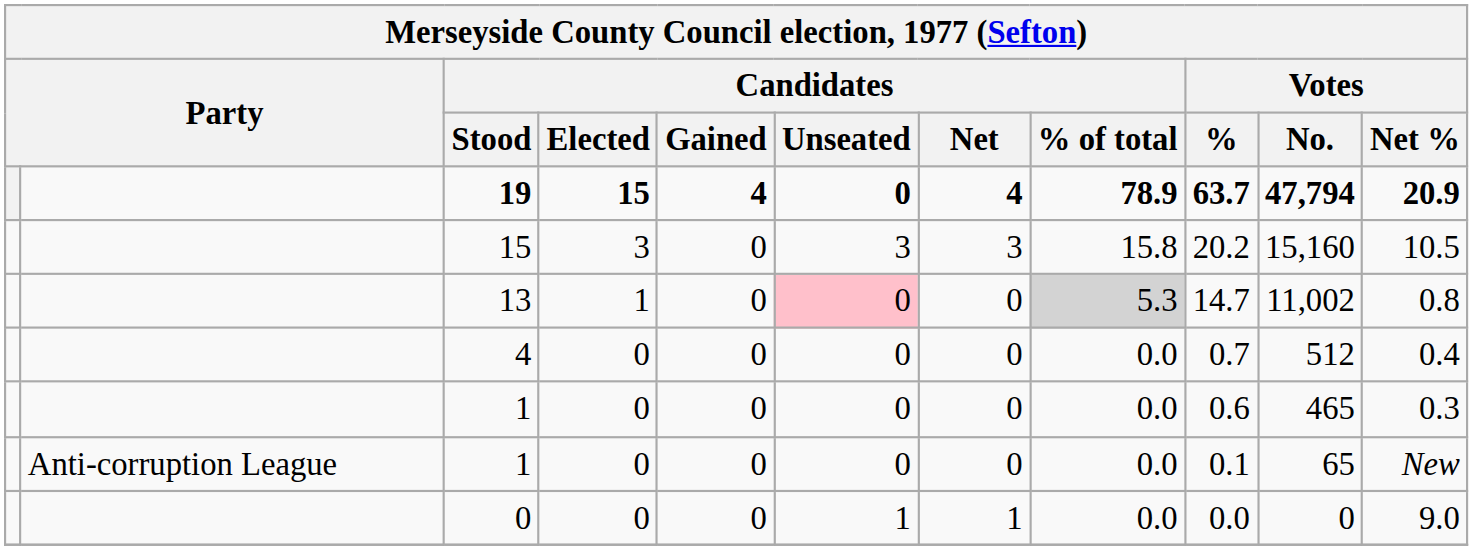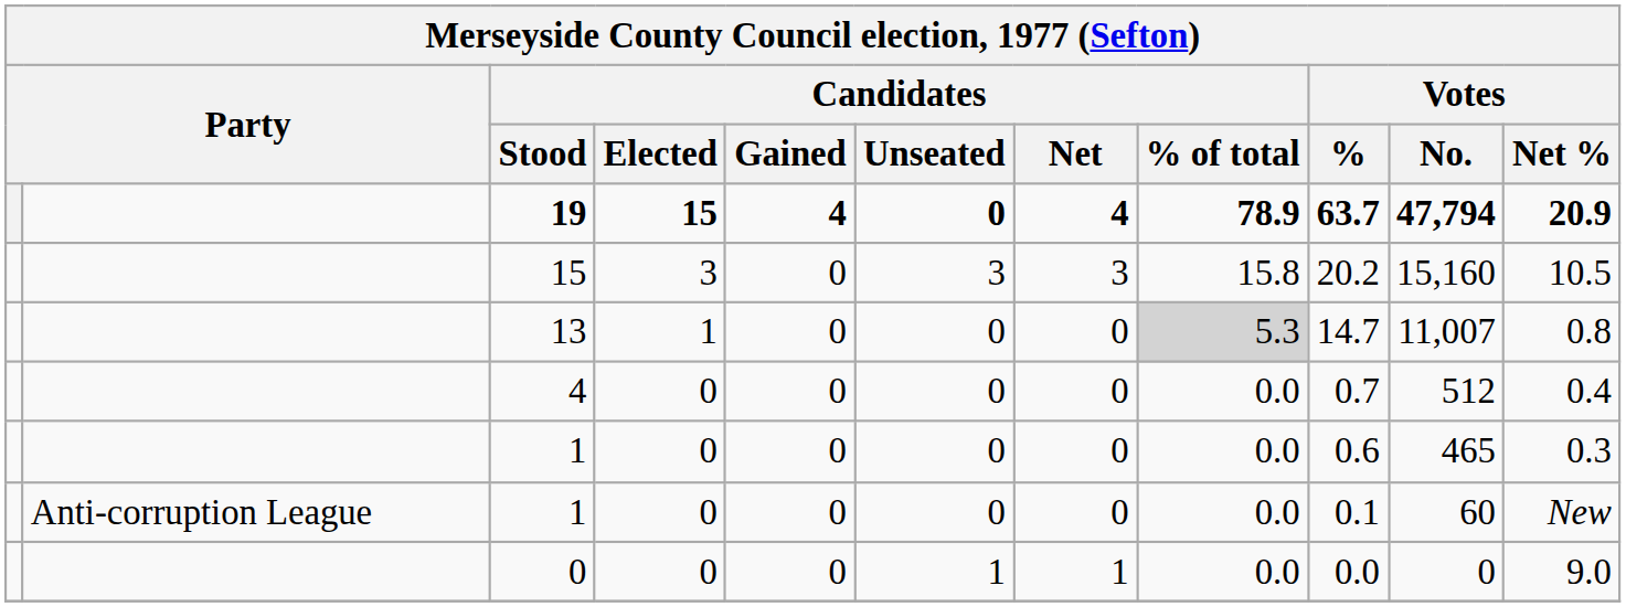 <table class="wikitable" style="font-size:95%">
 <tr>
 <th colspan="16" style="background-color:#f2f2f2">Merseyside County Council election, 1977 (<a href='#'>Sefton</a>)</th>
 </tr>
 <tr style="vertical-align:center;">
 <th colspan="2" rowspan="2">Party</th>
 <th colspan="6" style="width: 30px">Candidates</th>
 <th colspan="5" style="width: 30px">Votes</th>
 </tr>
 <tr>
 <th>Stood</th>
 <th>Elected</th>
 <th>Gained</th>
 <th>Unseated</th>
 <th style="width: 45px">Net</th>
 <th>% of total</th>
 <th>%</th>
 <th>No.</th>
 <th>Net %</th>
 </tr>
 <tr>
 <th style="background-color: "></th>
 <td style="width: 190px"><a href='#'></a></td>
 <td style="text-align:right; "><strong>19</strong></td>
 <td style="text-align:right; "><strong>15</strong></td>
 <td style="text-align:right; "><strong>4</strong></td>
 <td style="text-align:right; "><strong>0</strong></td>
 <td style="text-align:right; "><span><strong>4</strong></span></td>
 <td style="text-align:right; "><strong>78.9</strong></td>
 <td style="text-align:right; "><strong>63.7</strong></td>
 <td style="text-align:right; "><strong>47,794</strong></td>
 <td style="text-align:right; "><span><strong>20.9</strong></span></td>
 </tr>
 <tr>
 <td style="background-color: "></td>
 <td style="width: 190px"><a href='#'></a></td>
 <td style="text-align:right; ">15</td>
 <td style="text-align:right; ">3</td>
 <td style="text-align:right; ">0</td>
 <td style="text-align:right; ">3</td>
 <td style="text-align:right; "><span>3</span></td>
 <td style="text-align:right; ">15.8</td>
 <td style="text-align:right; ">20.2</td>
 <td style="text-align:right; ">15,160</td>
 <td style="text-align:right; "><span>10.5</span></td>
 </tr>
 <tr>
 <td style="background-color: "></td>
 <td style="width: 190px"><a href='#'></a></td>
 <td style="text-align:right; ">13</td>
 <td style="text-align:right; ">1</td>
 <td style="text-align:right; ">0</td>
-<td style="background: pink; text-align:right; ">0</td>
+<td style="text-align:right; ">0</td>
 <td style="text-align:right; ">0</td>
 <td style="background: lightgrey; text-align:right; ">5.3</td>
 <td style="text-align:right; ">14.7</td>
-<td style="text-align:right; ">11,002</td>
+<td style="text-align:right; ">11,007</td>
 <td style="text-align:right; "><span>0.8</span></td>
 </tr>
 <tr>
 <td style="background-color: "></td>
 <td style="width: 190px"><a href='#'></a></td>
 <td style="text-align:right; ">4</td>
 <td style="text-align:right; ">0</td>
 <td style="text-align:right; ">0</td>
 <td style="text-align:right; ">0</td>
 <td style="text-align:right; ">0</td>
 <td style="text-align:right; ">0.0</td>
 <td style="text-align:right; ">0.7</td>
 <td style="text-align:right; ">512</td>
 <td style="text-align:right; "><span>0.4</span></td>
 </tr>
 <tr>
 <td style="background-color: "></td>
 <td style="width: 190px"><a href='#'></a></td>
 <td style="text-align:right; ">1</td>
 <td style="text-align:right; ">0</td>
 <td style="text-align:right; ">0</td>
 <td style="text-align:right; ">0</td>
 <td style="text-align:right; ">0</td>
 <td style="text-align:right; ">0.0</td>
 <td style="text-align:right; ">0.6</td>
 <td style="text-align:right; ">465</td>
 <td style="text-align:right; "><span>0.3</span></td>
 </tr>
 <tr>
 <td style="background-color: "></td>
 <td style="width: 190px">Anti-corruption League</td>
 <td style="text-align:right; ">1</td>
 <td style="text-align:right; ">0</td>
 <td style="text-align:right; ">0</td>
 <td style="text-align:right; ">0</td>
 <td style="text-align:right; ">0</td>
 <td style="text-align:right; ">0.0</td>
 <td style="text-align:right; ">0.1</td>
-<td style="text-align:right; ">65</td>
+<td style="text-align:right; ">60</td>
 <td style="text-align:right; "><em>New</em></td>
 </tr>
 <tr>
 <td style="background-color: "></td>
 <td style="width: 190px"><a href='#'></a></td>
 <td style="text-align:right; ">0</td>
 <td style="text-align:right; ">0</td>
 <td style="text-align:right; ">0</td>
 <td style="text-align:right; ">1</td>
 <td style="text-align:right; "><span>1</span></td>
 <td style="text-align:right; ">0.0</td>
 <td style="text-align:right; ">0.0</td>
 <td style="text-align:right; ">0</td>
 <td style="text-align:right; "><span>9.0</span></td>
 </tr>
 <tr>
 </tr>
 </table>
